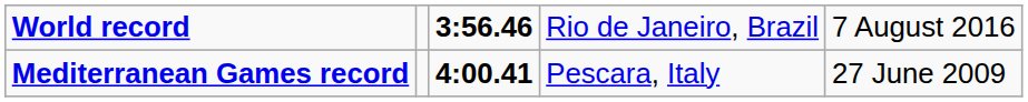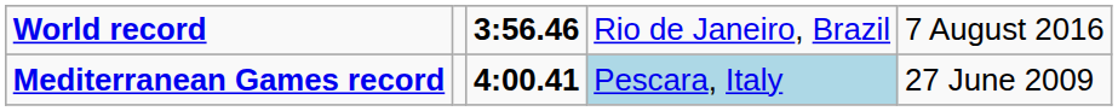 <table class="wikitable">
 <tr>
 <td><strong><a href='#'>World record</a></strong></td>
 <td></td>
 <td><strong>3:56.46</strong></td>
 <td><a href='#'>Rio de Janeiro</a>, <a href='#'>Brazil</a></td>
 <td>7 August 2016</td>
 </tr>
 <tr>
 <td><strong><a href='#'>Mediterranean Games record</a></strong></td>
 <td></td>
 <td><strong>4:00.41</strong></td>
-<td><a href='#'>Pescara</a>, <a href='#'>Italy</a></td>
+<td style="background: lightblue;"><a href='#'>Pescara</a>, <a href='#'>Italy</a></td>
 <td>27 June 2009</td>
 </tr>
 </table>
